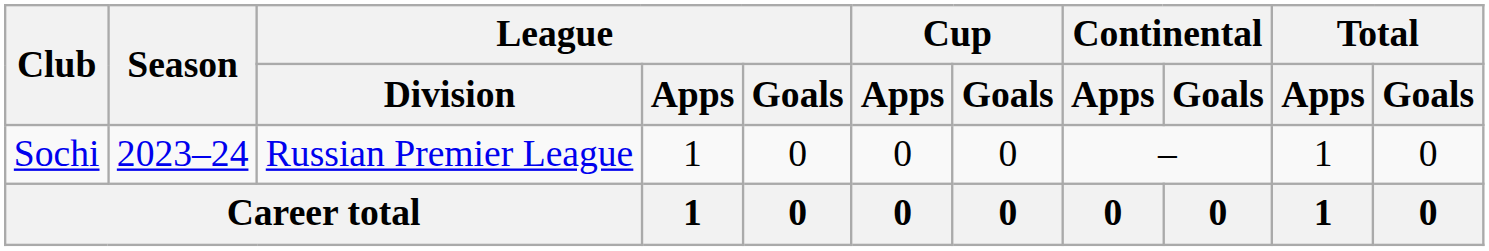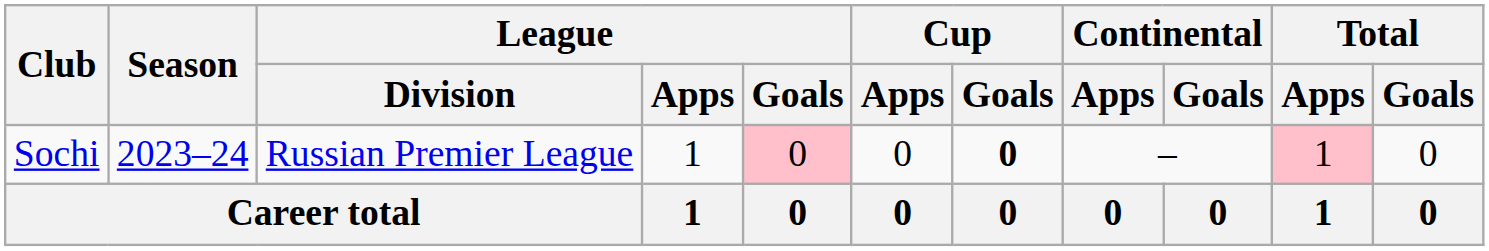 <table class="wikitable" style="text-align: center;">
 <tr>
 <th rowspan=2>Club</th>
 <th rowspan=2>Season</th>
 <th colspan=3>League</th>
 <th colspan=2>Cup</th>
 <th colspan=2>Continental</th>
 <th colspan=2>Total</th>
 </tr>
 <tr>
 <th>Division</th>
 <th>Apps</th>
 <th>Goals</th>
 <th>Apps</th>
 <th>Goals</th>
 <th>Apps</th>
 <th>Goals</th>
 <th>Apps</th>
 <th>Goals</th>
 </tr>
 <tr>
 <td><a href='#'>Sochi</a></td>
 <td><a href='#'>2023–24</a></td>
 <td><a href='#'>Russian Premier League</a></td>
 <td>1</td>
+<td style="background: pink;">0</td>
 <td>0</td>
-<td>0</td>
-<td>0</td>
+<td><strong>0</strong></td>
 <td colspan=2>–</td>
-<td>1</td>
+<td style="background: pink;">1</td>
 <td>0</td>
 </tr>
 <tr>
 <th colspan=3>Career total</th>
 <th>1</th>
 <th>0</th>
 <th>0</th>
 <th>0</th>
 <th>0</th>
 <th>0</th>
 <th>1</th>
 <th>0</th>
 </tr>
 </table>
